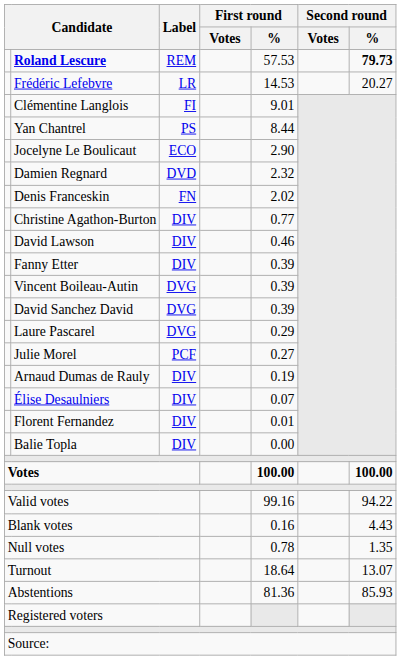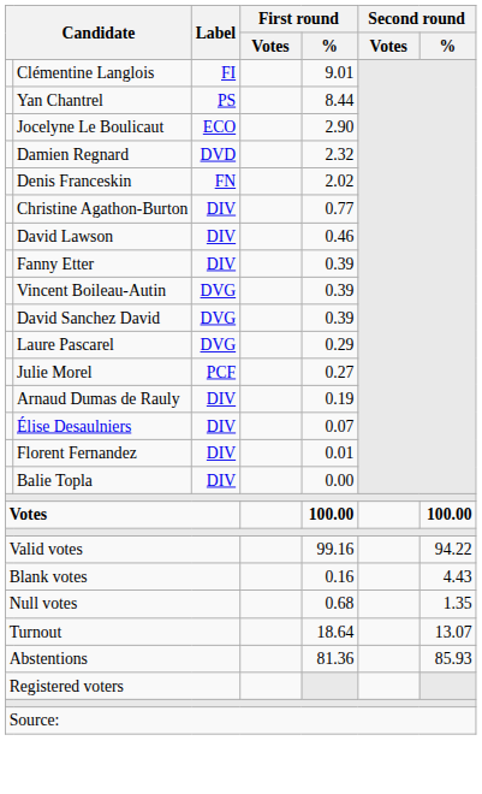 <table class="wikitable" style="text-align:right;font-size:95%;">
 <tr>
 <th rowspan="2" colspan="2">Candidate</th>
 <th rowspan="2">Label</th>
 <th colspan="2">First round</th>
 <th colspan="2">Second round</th>
 </tr>
 <tr>
 <th style="width:50px;">Votes</th>
 <th style="width:45px;">%</th>
 <th style="width:50px;">Votes</th>
 <th style="width:45px;">%</th>
-</tr>
-<tr>
-<td style="color:inherit;background:"></td>
-<td style="text-align:left;"><strong><a href='#'>Roland Lescure</a></strong></td>
-<td><a href='#'>REM</a></td>
-<td></td>
-<td>57.53</td>
-<td><strong></strong></td>
-<td><strong>79.73</strong></td>
-</tr>
-<tr>
-<td style="color:inherit;background:"></td>
-<td style="text-align:left;"><a href='#'>Frédéric Lefebvre</a></td>
-<td><a href='#'>LR</a></td>
-<td></td>
-<td>14.53</td>
-<td></td>
-<td>20.27</td>
 </tr>
 <tr>
 <td style="color:inherit;background:"></td>
 <td style="text-align:left;">Clémentine Langlois</td>
 <td><a href='#'>FI</a></td>
 <td></td>
 <td>9.01</td>
 <td colspan="2" rowspan="16" style="background:#E9E9E9;"></td>
 </tr>
 <tr>
 <td style="color:inherit;background:"></td>
 <td style="text-align:left;">Yan Chantrel</td>
 <td><a href='#'>PS</a></td>
 <td></td>
 <td>8.44</td>
 </tr>
 <tr>
 <td style="color:inherit;background:"></td>
 <td style="text-align:left;">Jocelyne Le Boulicaut</td>
 <td><a href='#'>ECO</a></td>
 <td></td>
 <td>2.90</td>
 </tr>
 <tr>
 <td style="color:inherit;background:"></td>
 <td style="text-align:left;">Damien Regnard</td>
 <td><a href='#'>DVD</a></td>
 <td></td>
 <td>2.32</td>
 </tr>
 <tr>
 <td style="color:inherit;background:"></td>
 <td style="text-align:left;">Denis Franceskin</td>
 <td><a href='#'>FN</a></td>
 <td></td>
 <td>2.02</td>
 </tr>
 <tr>
 <td style="color:inherit;background:"></td>
 <td style="text-align:left;">Christine Agathon-Burton</td>
 <td><a href='#'>DIV</a></td>
 <td></td>
 <td>0.77</td>
 </tr>
 <tr>
 <td style="color:inherit;background:"></td>
 <td style="text-align:left;">David Lawson</td>
 <td><a href='#'>DIV</a></td>
 <td></td>
 <td>0.46</td>
 </tr>
 <tr>
 <td style="color:inherit;background:"></td>
 <td style="text-align:left;">Fanny Etter</td>
 <td><a href='#'>DIV</a></td>
 <td></td>
 <td>0.39</td>
 </tr>
 <tr>
 <td style="color:inherit;background:"></td>
 <td style="text-align:left;">Vincent Boileau-Autin</td>
 <td><a href='#'>DVG</a></td>
 <td></td>
 <td>0.39</td>
 </tr>
 <tr>
 <td style="color:inherit;background:"></td>
 <td style="text-align:left;">David Sanchez David</td>
 <td><a href='#'>DVG</a></td>
 <td></td>
 <td>0.39</td>
 </tr>
 <tr>
 <td style="color:inherit;background:"></td>
 <td style="text-align:left;">Laure Pascarel</td>
 <td><a href='#'>DVG</a></td>
 <td></td>
 <td>0.29</td>
 </tr>
 <tr>
 <td style="color:inherit;background:"></td>
 <td style="text-align:left;">Julie Morel</td>
 <td><a href='#'>PCF</a></td>
 <td></td>
 <td>0.27</td>
 </tr>
 <tr>
 <td style="color:inherit;background:"></td>
 <td style="text-align:left;">Arnaud Dumas de Rauly</td>
 <td><a href='#'>DIV</a></td>
 <td></td>
 <td>0.19</td>
 </tr>
 <tr>
 <td style="color:inherit;background:"></td>
 <td style="text-align:left;"><a href='#'>Élise Desaulniers</a></td>
 <td><a href='#'>DIV</a></td>
 <td></td>
 <td>0.07</td>
 </tr>
 <tr>
 <td style="color:inherit;background:"></td>
 <td style="text-align:left;">Florent Fernandez</td>
 <td><a href='#'>DIV</a></td>
 <td></td>
 <td>0.01</td>
 </tr>
 <tr>
 <td style="color:inherit;background:"></td>
 <td style="text-align:left;">Balie Topla</td>
 <td><a href='#'>DIV</a></td>
 <td></td>
 <td>0.00</td>
 </tr>
 <tr>
 <td colspan="7" style="background:#E9E9E9;"></td>
 </tr>
 <tr style="font-weight:bold;">
 <td colspan="3" style="text-align:left;">Votes</td>
 <td></td>
 <td>100.00</td>
 <td></td>
 <td>100.00</td>
 </tr>
 <tr>
 <td colspan="7" style="background:#E9E9E9;"></td>
 </tr>
 <tr>
 <td colspan="3" style="text-align:left;">Valid votes</td>
 <td></td>
 <td>99.16</td>
 <td></td>
 <td>94.22</td>
 </tr>
 <tr>
 <td colspan="3" style="text-align:left;">Blank votes</td>
 <td></td>
 <td>0.16</td>
 <td></td>
 <td>4.43</td>
 </tr>
 <tr>
 <td colspan="3" style="text-align:left;">Null votes</td>
 <td></td>
-<td>0.78</td>
+<td>0.68</td>
 <td></td>
 <td>1.35</td>
 </tr>
 <tr>
 <td colspan="3" style="text-align:left;">Turnout</td>
 <td></td>
 <td>18.64</td>
 <td></td>
 <td>13.07</td>
 </tr>
 <tr>
 <td colspan="3" style="text-align:left;">Abstentions</td>
 <td></td>
 <td>81.36</td>
 <td></td>
 <td>85.93</td>
 </tr>
 <tr>
 <td colspan="3" style="text-align:left;">Registered voters</td>
 <td></td>
 <td style="background:#E9E9E9;"></td>
 <td></td>
 <td style="background:#E9E9E9;"></td>
 </tr>
 <tr>
 <td colspan="7" style="background:#E9E9E9;"></td>
 </tr>
 <tr>
 <td colspan="7" style="text-align:left;">Source: </td>
 </tr>
 </table>
